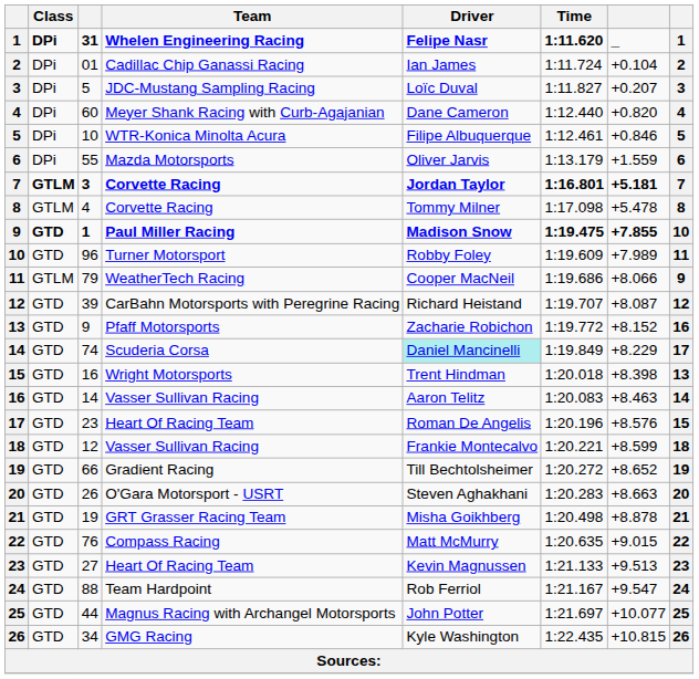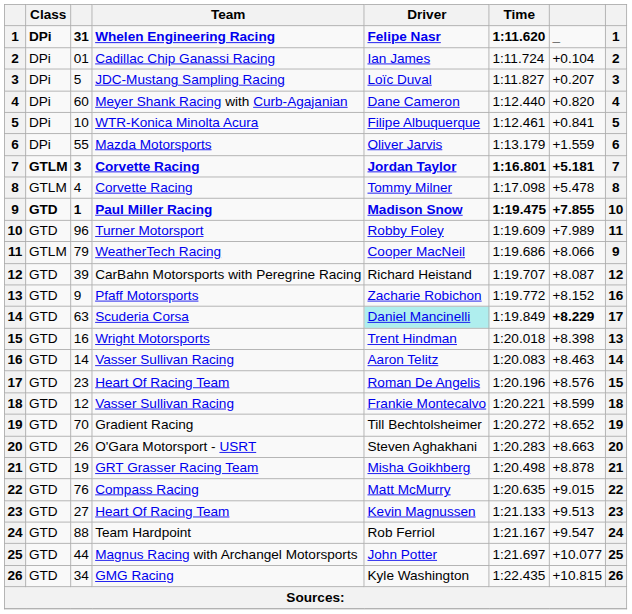 <table class="wikitable">
 <tr>
 <th scope="col"></th>
 <th scope="col">Class</th>
 <th scope="col"></th>
 <th scope="col">Team</th>
 <th scope="col">Driver</th>
 <th scope="col">Time</th>
 <th scope="col"></th>
 <th scope="col"></th>
 </tr>
 <tr style="font-weight:bold">
 <th scope="row">1</th>
 <td>DPi</td>
 <td>31</td>
 <td> <a href='#'>Whelen Engineering Racing</a></td>
 <td> <a href='#'>Felipe Nasr</a></td>
 <td><strong>1:11.620</strong></td>
 <td><strong>_</strong></td>
 <th><strong>1</strong></th>
 </tr>
 <tr>
 <th scope="row">2</th>
 <td>DPi</td>
 <td>01</td>
 <td> <a href='#'>Cadillac Chip Ganassi Racing</a></td>
 <td> <a href='#'>Ian James</a></td>
 <td>1:11.724</td>
 <td>+0.104</td>
 <th>2</th>
 </tr>
 <tr>
 <th scope="row">3</th>
 <td>DPi</td>
 <td>5</td>
 <td> <a href='#'>JDC-Mustang Sampling Racing</a></td>
 <td> <a href='#'>Loïc Duval</a></td>
 <td>1:11.827</td>
 <td>+0.207</td>
 <th>3</th>
 </tr>
 <tr>
 <th scope="row">4</th>
 <td>DPi</td>
 <td>60</td>
 <td> <a href='#'>Meyer Shank Racing</a> with <a href='#'>Curb-Agajanian</a></td>
 <td> <a href='#'>Dane Cameron</a></td>
 <td>1:12.440</td>
 <td>+0.820</td>
 <th>4</th>
 </tr>
 <tr>
 <th scope="row">5</th>
 <td>DPi</td>
 <td>10</td>
 <td> <a href='#'>WTR-Konica Minolta Acura</a></td>
 <td> <a href='#'>Filipe Albuquerque</a></td>
 <td>1:12.461</td>
-<td>+0.846</td>
+<td>+0.841</td>
 <th>5</th>
 </tr>
 <tr>
 <th scope="row">6</th>
 <td>DPi</td>
 <td>55</td>
 <td> <a href='#'>Mazda Motorsports</a></td>
 <td> <a href='#'>Oliver Jarvis</a></td>
 <td>1:13.179</td>
 <td>+1.559</td>
 <th>6</th>
 </tr>
 <tr style="font-weight:bold">
 <th scope="row">7</th>
 <td>GTLM</td>
 <td>3</td>
 <td> <a href='#'>Corvette Racing</a></td>
 <td> <a href='#'>Jordan Taylor</a></td>
 <td>1:16.801</td>
 <td>+5.181</td>
 <th><strong>7</strong></th>
 </tr>
 <tr>
 <th scope="row">8</th>
 <td>GTLM</td>
 <td>4</td>
 <td> <a href='#'>Corvette Racing</a></td>
 <td> <a href='#'>Tommy Milner</a></td>
 <td>1:17.098</td>
 <td>+5.478</td>
 <th>8</th>
 </tr>
 <tr style="font-weight:bold">
 <th scope="row">9</th>
 <td>GTD</td>
 <td>1</td>
 <td> <a href='#'>Paul Miller Racing</a></td>
 <td> <a href='#'>Madison Snow</a></td>
 <td>1:19.475</td>
 <td>+7.855</td>
 <th>10</th>
 </tr>
 <tr>
 <th scope="row">10</th>
 <td>GTD</td>
 <td>96</td>
 <td> <a href='#'>Turner Motorsport</a></td>
 <td> <a href='#'>Robby Foley</a></td>
 <td>1:19.609</td>
 <td>+7.989</td>
 <th>11</th>
 </tr>
 <tr>
 <th scope="row">11</th>
 <td>GTLM</td>
 <td>79</td>
 <td> <a href='#'>WeatherTech Racing</a></td>
 <td> <a href='#'>Cooper MacNeil</a></td>
 <td>1:19.686</td>
 <td>+8.066</td>
 <th>9</th>
 </tr>
 <tr>
 <th scope="row">12</th>
 <td>GTD</td>
 <td>39</td>
 <td> CarBahn Motorsports with Peregrine Racing</td>
 <td> Richard Heistand</td>
 <td>1:19.707</td>
 <td>+8.087</td>
 <th>12</th>
 </tr>
 <tr>
 <th scope="row">13</th>
 <td>GTD</td>
 <td>9</td>
 <td> <a href='#'>Pfaff Motorsports</a></td>
 <td> <a href='#'>Zacharie Robichon</a></td>
 <td>1:19.772</td>
 <td>+8.152</td>
 <th><strong>16</strong></th>
 </tr>
 <tr>
 <th scope="row">14</th>
 <td>GTD</td>
-<td>74</td>
+<td>63</td>
 <td> <a href='#'>Scuderia Corsa</a></td>
 <td style="background: paleturquoise;"> <a href='#'>Daniel Mancinelli</a></td>
 <td>1:19.849</td>
-<td>+8.229</td>
+<td><strong>+8.229</strong></td>
 <th>17</th>
 </tr>
 <tr>
 <th scope="row">15</th>
 <td>GTD</td>
 <td>16</td>
 <td> <a href='#'>Wright Motorsports</a></td>
 <td> <a href='#'>Trent Hindman</a></td>
 <td>1:20.018</td>
 <td>+8.398</td>
 <th>13</th>
 </tr>
 <tr>
 <th scope="row">16</th>
 <td>GTD</td>
 <td>14</td>
 <td> <a href='#'>Vasser Sullivan Racing</a></td>
 <td> <a href='#'>Aaron Telitz</a></td>
 <td>1:20.083</td>
 <td>+8.463</td>
 <th>14</th>
 </tr>
 <tr>
 <th scope="row">17</th>
 <td>GTD</td>
 <td>23</td>
 <td> <a href='#'>Heart Of Racing Team</a></td>
 <td> <a href='#'>Roman De Angelis</a></td>
 <td>1:20.196</td>
 <td>+8.576</td>
 <th>15</th>
 </tr>
 <tr>
 <th scope="row">18</th>
 <td>GTD</td>
 <td>12</td>
 <td> <a href='#'>Vasser Sullivan Racing</a></td>
 <td> <a href='#'>Frankie Montecalvo</a></td>
 <td>1:20.221</td>
 <td>+8.599</td>
 <th>18</th>
 </tr>
 <tr>
 <th scope="row">19</th>
 <td>GTD</td>
-<td>66</td>
+<td>70</td>
 <td> Gradient Racing</td>
 <td> Till Bechtolsheimer</td>
 <td>1:20.272</td>
 <td>+8.652</td>
 <th><strong>19</strong></th>
 </tr>
 <tr>
 <th scope="row">20</th>
 <td>GTD</td>
 <td>26</td>
 <td> O'Gara Motorsport - <a href='#'>USRT</a></td>
 <td> Steven Aghakhani</td>
 <td>1:20.283</td>
 <td>+8.663</td>
 <th>20</th>
 </tr>
 <tr>
 <th scope="row">21</th>
 <td>GTD</td>
 <td>19</td>
 <td> <a href='#'>GRT Grasser Racing Team</a></td>
 <td> <a href='#'>Misha Goikhberg</a></td>
 <td>1:20.498</td>
 <td>+8.878</td>
 <th>21</th>
 </tr>
 <tr>
 <th scope="row">22</th>
 <td>GTD</td>
 <td>76</td>
 <td> <a href='#'>Compass Racing</a></td>
 <td> <a href='#'>Matt McMurry</a></td>
 <td>1:20.635</td>
 <td>+9.015</td>
 <th>22</th>
 </tr>
 <tr>
 <th scope="row">23</th>
 <td>GTD</td>
 <td>27</td>
 <td> <a href='#'>Heart Of Racing Team</a></td>
 <td> <a href='#'>Kevin Magnussen</a></td>
 <td>1:21.133</td>
 <td>+9.513</td>
 <th>23</th>
 </tr>
 <tr>
 <th scope="row">24</th>
 <td>GTD</td>
 <td>88</td>
 <td> Team Hardpoint</td>
 <td> Rob Ferriol</td>
 <td>1:21.167</td>
 <td>+9.547</td>
 <th>24</th>
 </tr>
 <tr>
 <th scope="row">25</th>
 <td>GTD</td>
 <td>44</td>
 <td> <a href='#'>Magnus Racing</a> with Archangel Motorsports</td>
 <td> <a href='#'>John Potter</a></td>
 <td>1:21.697</td>
 <td>+10.077</td>
 <th>25</th>
 </tr>
 <tr>
 <th scope="row">26</th>
 <td>GTD</td>
 <td>34</td>
 <td> <a href='#'>GMG Racing</a></td>
 <td> Kyle Washington</td>
 <td>1:22.435</td>
 <td>+10.815</td>
 <th>26</th>
 </tr>
 <tr>
 <th colspan="8">Sources:</th>
 </tr>
 <tr>
 </tr>
 </table>
